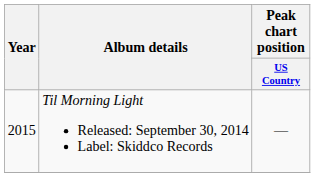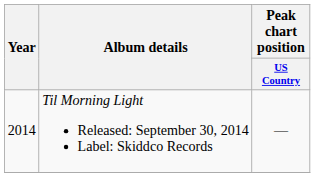 <table class="wikitable">
 <tr>
 <th rowspan="2">Year</th>
 <th rowspan="2">Album details</th>
 <th colspan="2">Peak chart position</th>
 </tr>
 <tr>
 <th style="width:5em;font-size:75%"><a href='#'>US Country</a></th>
 </tr>
 <tr>
-<td align="center">2015</td>
+<td align="center">2014</td>
 <td align="left"><em>Til Morning Light</em><br><ul><li>Released: September 30, 2014</li><li>Label: Skiddco Records</li></ul></td>
 <td align="center">—</td>
 </tr>
 <tr>
 </tr>
 </table>
